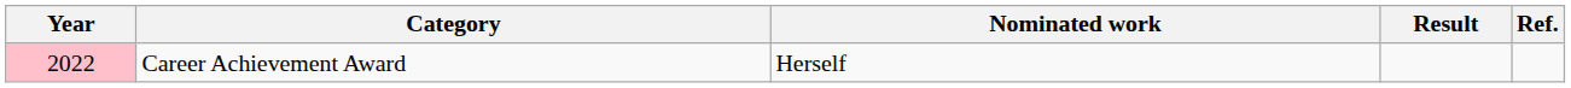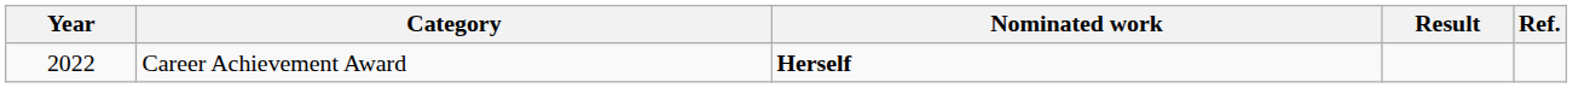 <table class="wikitable">
 <tr>
 <th scope="col" style="width:5em;">Year</th>
 <th scope="col" style="width:26em;">Category</th>
 <th scope="col" style="width:25em;">Nominated work</th>
 <th scope="col" style="width:5em;">Result</th>
 <th>Ref.</th>
 </tr>
 <tr>
-<td style="background: pink; text-align:center;">2022</td>
+<td style="text-align:center;">2022</td>
 <td>Career Achievement Award</td>
-<td>Herself</td>
+<td><strong>Herself</strong></td>
 <td></td>
 <td></td>
 </tr>
 </table>
